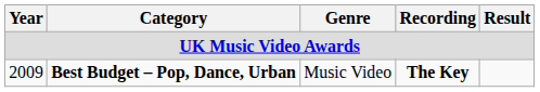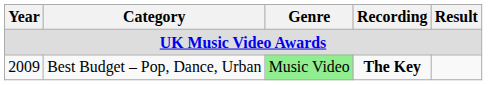 <table class=wikitable>
 <tr style="background:#ccc;">
 <th>Year</th>
 <th>Category</th>
 <th>Genre</th>
 <th>Recording</th>
 <th>Result</th>
 </tr>
 <tr style="background:#ddd;">
 <td colspan="5" style="text-align:center;"><strong><a href='#'>UK Music Video Awards</a></strong></td>
 </tr>
 <tr align=center>
 <td style="text-align:left;" rowspan="1">2009</td>
-<td><strong>Best Budget  – Pop, Dance, Urban</strong></td>
-<td>Music Video</td>
+<td>Best Budget  – Pop, Dance, Urban</td>
+<td style="background: lightgreen;">Music Video</td>
 <td><strong>The Key</strong></td>
 <td></td>
 </tr>
 </table>
